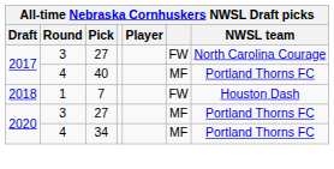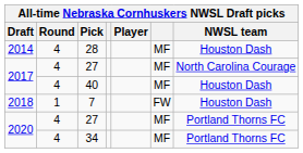 <table class="wikitable sortable" style="text-align: center;">
 <tr>
 <th colspan="7" style="background:#">All-time <a href='#'><span>Nebraska Cornhuskers</span></a> NWSL Draft picks</th>
 </tr>
 <tr>
 <th scope="col">Draft</th>
 <th scope="col">Round</th>
 <th scope="col">Pick</th>
 <th scope="col"></th>
 <th scope="col">Player</th>
 <th scope="col"></th>
 <th scope="col">NWSL team</th>
 </tr>
 <tr>
+<td><a href='#'>2014</a></td>
+<td>4</td>
+<td>28</td>
+<td></td>
+<td></td>
+<td>MF</td>
+<td><a href='#'>Houston Dash</a></td>
+</tr>
+<tr>
 <td rowspan="2"><a href='#'>2017</a></td>
-<td>3</td>
+<td>4</td>
 <td>27</td>
 <td></td>
 <td></td>
-<td>FW</td>
+<td>MF</td>
 <td><a href='#'>North Carolina Courage</a></td>
 </tr>
 <tr>
 <td>4</td>
 <td>40</td>
 <td></td>
 <td></td>
 <td>MF</td>
-<td><a href='#'>Portland Thorns FC</a></td>
+<td><a href='#'>Houston Dash</a></td>
 </tr>
 <tr>
 <td><a href='#'>2018</a></td>
 <td>1</td>
 <td>7</td>
 <td></td>
 <td></td>
 <td>FW</td>
 <td><a href='#'>Houston Dash</a></td>
 </tr>
 <tr>
 <td rowspan="2"><a href='#'>2020</a></td>
-<td>3</td>
+<td>4</td>
 <td>27</td>
 <td></td>
 <td></td>
 <td>MF</td>
 <td><a href='#'>Portland Thorns FC</a></td>
 </tr>
 <tr>
 <td>4</td>
 <td>34</td>
 <td></td>
 <td></td>
 <td>MF</td>
 <td><a href='#'>Portland Thorns FC</a></td>
 </tr>
 </table>
